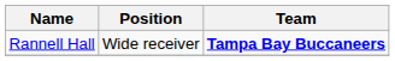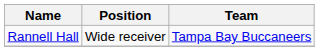 <table class="wikitable" style="font-size: 95%;">
 <tr>
 <th>Name</th>
 <th>Position</th>
 <th>Team</th>
 </tr>
 <tr>
 <td><a href='#'>Rannell Hall</a></td>
 <td>Wide receiver</td>
-<td><strong><a href='#'>Tampa Bay Buccaneers</a></strong></td>
+<td><a href='#'>Tampa Bay Buccaneers</a></td>
 </tr>
 <tr>
 </tr>
 </table>
